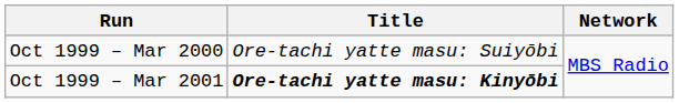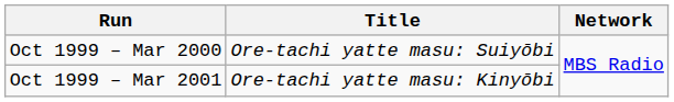 <table class="wikitable">
 <tr>
 <th>Run</th>
 <th>Title</th>
 <th>Network</th>
 </tr>
 <tr>
 <td>Oct 1999 – Mar 2000</td>
 <td><em>Ore-tachi yatte masu: Suiyōbi</em></td>
 <td rowspan="2"><a href='#'>MBS Radio</a></td>
 </tr>
 <tr>
 <td>Oct 1999 – Mar 2001</td>
-<td><strong><em>Ore-tachi yatte masu: Kinyōbi</em></strong></td>
+<td><em>Ore-tachi yatte masu: Kinyōbi</em></td>
 </tr>
 </table>
